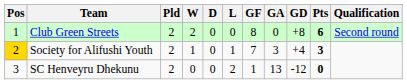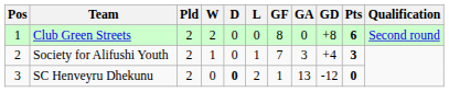 <table class="wikitable" style="text-align:center">
 <tr>
 <th style="width:20px;" abbr="Position">Pos</th>
 <th width=175>Team</th>
 <th style="width:20px;" abbr="Played">Pld</th>
 <th style="width:20px;" abbr="Won">W</th>
 <th style="width:20px;" abbr="Drawn">D</th>
 <th style="width:20px;" abbr="Lost">L</th>
 <th style="width:20px;" abbr="Goals for">GF</th>
 <th style="width:20px;" abbr="Goals against">GA</th>
 <th style="width:20px;" abbr="Goal difference">GD</th>
 <th style="width:20px;" abbr="Points">Pts</th>
 <th style="width:20px;">Qualification</th>
 </tr>
 <tr style="background:#cfc;">
 <td>1</td>
 <td align=left><a href='#'>Club Green Streets</a></td>
 <td>2</td>
 <td>2</td>
 <td>0</td>
 <td>0</td>
 <td>8</td>
 <td>0</td>
 <td>+8</td>
 <td><strong>6</strong></td>
 <td><a href='#'>Second round</a></td>
 </tr>
 <tr>
-<td style="background: gold;">2</td>
+<td>2</td>
 <td align=left>Society for Alifushi Youth</td>
 <td>2</td>
 <td>1</td>
 <td>0</td>
 <td>1</td>
 <td>7</td>
 <td>3</td>
 <td>+4</td>
 <td><strong>3</strong></td>
 </tr>
 <tr>
 <td>3</td>
 <td align=left>SC Henveyru Dhekunu</td>
 <td>2</td>
 <td>0</td>
-<td>0</td>
+<td><strong>0</strong></td>
 <td>2</td>
 <td>1</td>
 <td>13</td>
 <td>-12</td>
 <td><strong>0</strong></td>
 </tr>
 </table>
